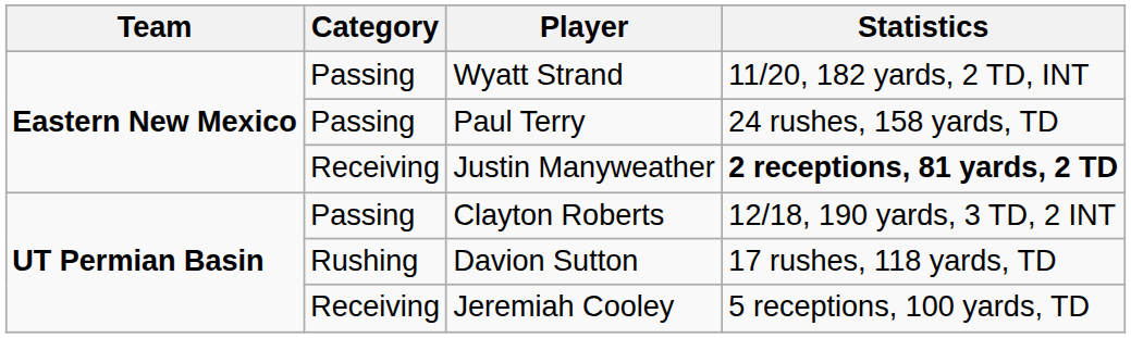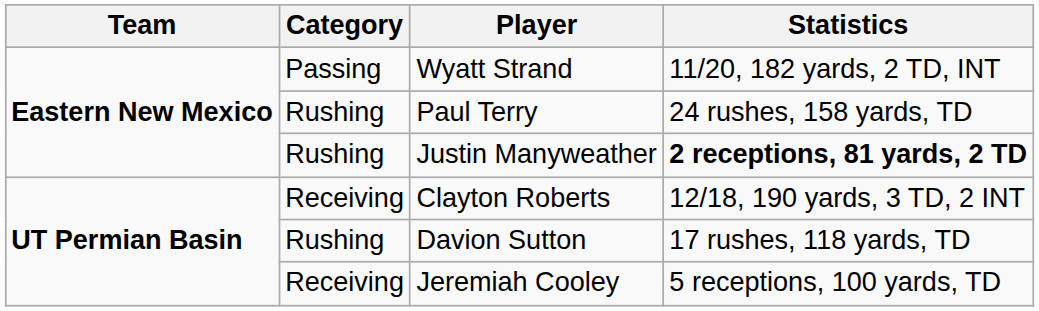 <table class="wikitable" style="float: right;">
 <tr>
 <th>Team</th>
 <th>Category</th>
 <th>Player</th>
 <th>Statistics</th>
 </tr>
 <tr>
 <td rowspan=3><strong>Eastern New Mexico</strong></td>
 <td>Passing</td>
 <td>Wyatt Strand</td>
 <td>11/20, 182 yards, 2 TD, INT</td>
 </tr>
 <tr>
-<td>Passing</td>
+<td>Rushing</td>
 <td>Paul Terry</td>
 <td>24 rushes, 158 yards, TD</td>
 </tr>
 <tr>
-<td>Receiving</td>
+<td>Rushing</td>
 <td>Justin Manyweather</td>
 <td><strong>2 receptions, 81 yards, 2 TD</strong></td>
 </tr>
 <tr>
 <td rowspan=3><strong>UT Permian Basin</strong></td>
-<td>Passing</td>
+<td>Receiving</td>
 <td>Clayton Roberts</td>
 <td>12/18, 190 yards, 3 TD, 2 INT</td>
 </tr>
 <tr>
 <td>Rushing</td>
 <td>Davion Sutton</td>
 <td>17 rushes, 118 yards, TD</td>
 </tr>
 <tr>
 <td>Receiving</td>
 <td>Jeremiah Cooley</td>
 <td>5 receptions, 100 yards, TD</td>
 </tr>
 </table>
